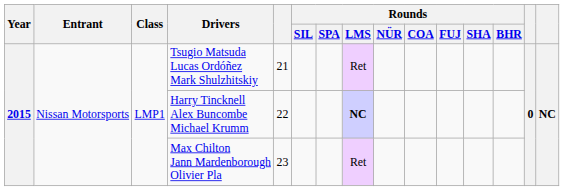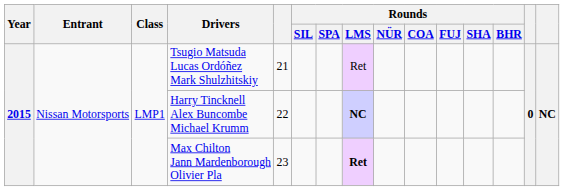 <table class="wikitable" style="text-align:center; font-size:90%">
 <tr>
 <th rowspan="2">Year</th>
 <th rowspan="2">Entrant</th>
 <th rowspan="2">Class</th>
 <th rowspan="2">Drivers</th>
 <th rowspan="2"></th>
 <th colspan="8">Rounds</th>
 <th rowspan="2" scope="col"></th>
 <th rowspan="2" scope="col"></th>
 </tr>
 <tr>
 <th><a href='#'>SIL</a><br></th>
 <th><a href='#'>SPA</a><br></th>
 <th><a href='#'>LMS</a><br></th>
 <th><a href='#'>NÜR</a><br></th>
 <th><a href='#'>COA</a><br></th>
 <th><a href='#'>FUJ</a><br></th>
 <th><a href='#'>SHA</a><br></th>
 <th><a href='#'>BHR</a><br></th>
 </tr>
 <tr>
 <th rowspan="3"><a href='#'>2015</a></th>
 <td rowspan="3" align="left" style="border-left:0px"><a href='#'>Nissan Motorsports</a></td>
 <td rowspan="3"><a href='#'>LMP1</a></td>
 <td align="left " style="border-left:0px"> <a href='#'>Tsugio Matsuda</a><br> <a href='#'>Lucas Ordóñez</a><br> <a href='#'>Mark Shulzhitskiy</a></td>
 <td>21</td>
 <td></td>
 <td></td>
 <td style="background:#EFCFFF;">Ret</td>
 <td></td>
 <td></td>
 <td></td>
 <td></td>
 <td></td>
 <th rowspan="3">0</th>
 <th rowspan="3">NC</th>
 </tr>
 <tr>
 <td align="left " style="border-left:0px"> <a href='#'>Harry Tincknell</a><br> <a href='#'>Alex Buncombe</a><br> <a href='#'>Michael Krumm</a></td>
 <td>22</td>
 <td></td>
 <td></td>
 <td style="background:#CFCFFF;"><strong>NC</strong></td>
 <td></td>
 <td></td>
 <td></td>
 <td></td>
 <td></td>
 </tr>
 <tr>
 <td align="left " style="border-left:0px"> <a href='#'>Max Chilton</a><br> <a href='#'>Jann Mardenborough</a><br> <a href='#'>Olivier Pla</a></td>
 <td>23</td>
 <td></td>
 <td></td>
-<td style="background:#EFCFFF;">Ret</td>
+<td style="background:#EFCFFF;"><strong>Ret</strong></td>
 <td></td>
 <td></td>
 <td></td>
 <td></td>
 <td></td>
 </tr>
 </table>
